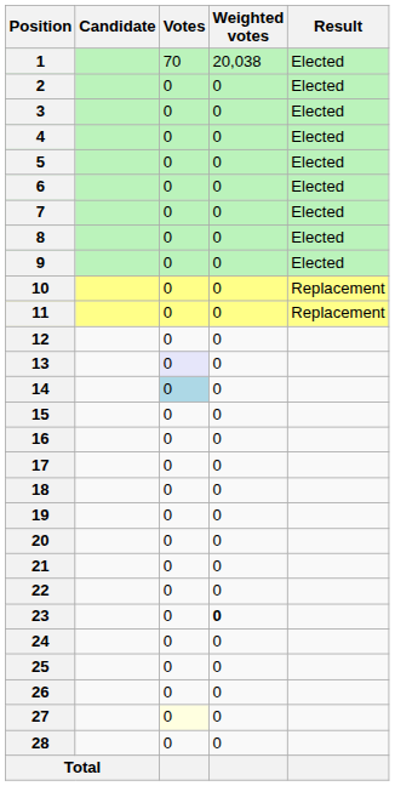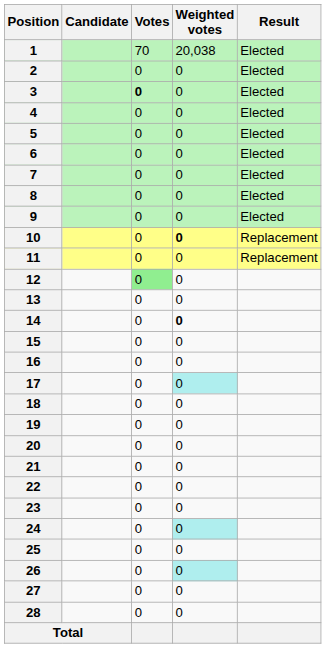 <table class="wikitable sortable col3right col4right">
 <tr>
 <th scope="col">Position</th>
 <th scope="col">Candidate</th>
 <th scope="col">Votes</th>
 <th scope="col">Weighted<br>votes</th>
 <th scope="col">Result</th>
 </tr>
 <tr bgcolor=bbf3bb>
 <th scope="row">1</th>
 <td></td>
 <td>70</td>
 <td>20,038</td>
 <td>Elected</td>
 </tr>
 <tr bgcolor=bbf3bb>
 <th scope="row">2</th>
 <td></td>
 <td>0</td>
 <td>0</td>
 <td>Elected</td>
 </tr>
 <tr bgcolor=bbf3bb>
 <th scope="row">3</th>
 <td></td>
-<td>0</td>
+<td><strong>0</strong></td>
 <td>0</td>
 <td>Elected</td>
 </tr>
 <tr bgcolor=bbf3bb>
 <th scope="row">4</th>
 <td></td>
 <td>0</td>
 <td>0</td>
 <td>Elected</td>
 </tr>
 <tr bgcolor=bbf3bb>
 <th scope="row">5</th>
 <td></td>
 <td>0</td>
 <td>0</td>
 <td>Elected</td>
 </tr>
 <tr bgcolor=bbf3bb>
 <th scope="row">6</th>
 <td></td>
 <td>0</td>
 <td>0</td>
 <td>Elected</td>
 </tr>
 <tr bgcolor=bbf3bb>
 <th scope="row">7</th>
 <td></td>
 <td>0</td>
 <td>0</td>
 <td>Elected</td>
 </tr>
 <tr bgcolor=bbf3bb>
 <th scope="row">8</th>
 <td></td>
 <td>0</td>
 <td>0</td>
 <td>Elected</td>
 </tr>
 <tr bgcolor=bbf3bb>
 <th scope="row">9</th>
 <td></td>
 <td>0</td>
 <td>0</td>
 <td>Elected</td>
 </tr>
 <tr bgcolor=#FF8>
 <th scope="row">10</th>
 <td></td>
 <td>0</td>
-<td>0</td>
+<td><strong>0</strong></td>
 <td>Replacement</td>
 </tr>
 <tr bgcolor=#FF8>
 <th scope="row">11</th>
 <td></td>
 <td>0</td>
 <td>0</td>
 <td>Replacement</td>
 </tr>
 <tr>
 <th scope="row">12</th>
 <td></td>
-<td>0</td>
+<td style="background: lightgreen;">0</td>
 <td>0</td>
 <td></td>
 </tr>
 <tr>
 <th scope="row">13</th>
 <td></td>
-<td style="background: lavender;">0</td>
+<td>0</td>
 <td>0</td>
 <td></td>
 </tr>
 <tr>
 <th scope="row">14</th>
 <td></td>
-<td style="background: lightblue;">0</td>
 <td>0</td>
+<td><strong>0</strong></td>
 <td></td>
 </tr>
 <tr>
 <th scope="row">15</th>
 <td></td>
 <td>0</td>
 <td>0</td>
 <td></td>
 </tr>
 <tr>
 <th scope="row">16</th>
 <td></td>
 <td>0</td>
 <td>0</td>
 <td></td>
 </tr>
 <tr>
 <th scope="row">17</th>
 <td></td>
 <td>0</td>
-<td>0</td>
+<td style="background: paleturquoise;">0</td>
 <td></td>
 </tr>
 <tr>
 <th scope="row">18</th>
 <td></td>
 <td>0</td>
 <td>0</td>
 <td></td>
 </tr>
 <tr>
 <th scope="row">19</th>
 <td></td>
 <td>0</td>
 <td>0</td>
 <td></td>
 </tr>
 <tr>
 <th scope="row">20</th>
 <td></td>
 <td>0</td>
 <td>0</td>
 <td></td>
 </tr>
 <tr>
 <th scope="row">21</th>
 <td></td>
 <td>0</td>
 <td>0</td>
 <td></td>
 </tr>
 <tr>
 <th scope="row">22</th>
 <td></td>
 <td>0</td>
 <td>0</td>
 <td></td>
 </tr>
 <tr>
 <th scope="row">23</th>
 <td></td>
 <td>0</td>
-<td><strong>0</strong></td>
+<td>0</td>
 <td></td>
 </tr>
 <tr>
 <th scope="row">24</th>
 <td></td>
 <td>0</td>
-<td>0</td>
+<td style="background: paleturquoise;">0</td>
 <td></td>
 </tr>
 <tr>
 <th scope="row">25</th>
 <td></td>
 <td>0</td>
 <td>0</td>
 <td></td>
 </tr>
 <tr>
 <th scope="row">26</th>
 <td></td>
 <td>0</td>
-<td>0</td>
+<td style="background: paleturquoise;">0</td>
 <td></td>
 </tr>
 <tr>
 <th scope="row">27</th>
 <td></td>
-<td style="background: lightyellow;">0</td>
+<td>0</td>
 <td>0</td>
 <td></td>
 </tr>
 <tr>
 <th scope="row">28</th>
 <td></td>
 <td>0</td>
 <td>0</td>
 <td></td>
 </tr>
 <tr class="sortbottom">
 <th scope="row" colspan="2">Total</th>
 <th style="text-align:right"></th>
 <th style="text-align:right"></th>
 <th></th>
 </tr>
 </table>
